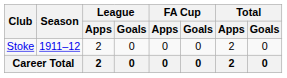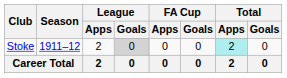 <table class="wikitable" style="text-align: center;">
 <tr>
 <th rowspan="2">Club</th>
 <th rowspan="2">Season</th>
 <th colspan="2">League</th>
 <th colspan="2">FA Cup</th>
 <th colspan="2">Total</th>
 </tr>
 <tr>
 <th>Apps</th>
 <th>Goals</th>
 <th>Apps</th>
 <th>Goals</th>
 <th>Apps</th>
 <th>Goals</th>
 </tr>
 <tr>
 <td><a href='#'>Stoke</a></td>
 <td><a href='#'>1911–12</a></td>
 <td>2</td>
+<td style="background: lightgrey;">0</td>
 <td>0</td>
 <td>0</td>
-<td>0</td>
-<td>2</td>
+<td style="background: paleturquoise;">2</td>
 <td>0</td>
 </tr>
 <tr>
 <th colspan="2">Career Total</th>
 <th>2</th>
 <th>0</th>
 <th>0</th>
 <th>0</th>
 <th>2</th>
 <th>0</th>
 </tr>
 </table>
